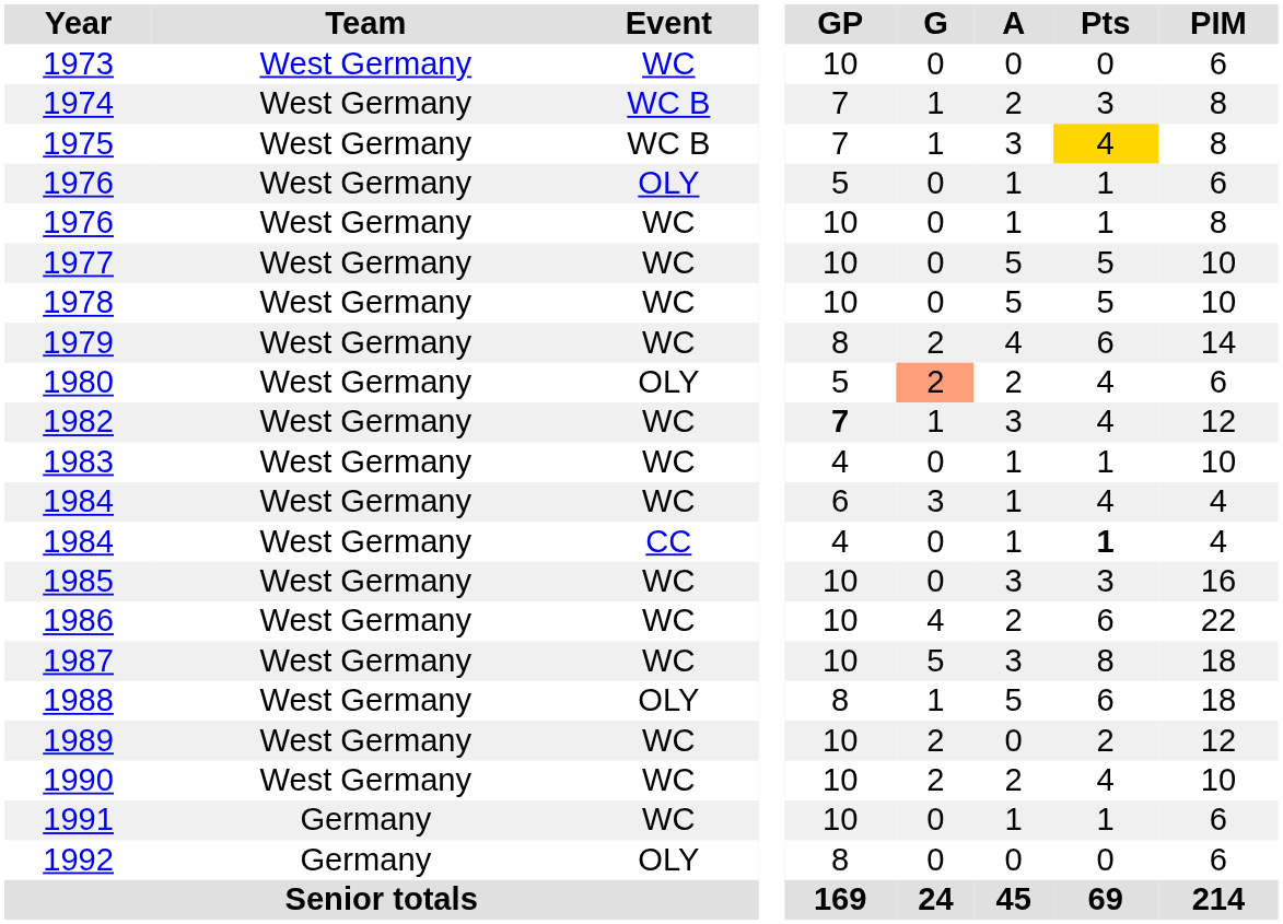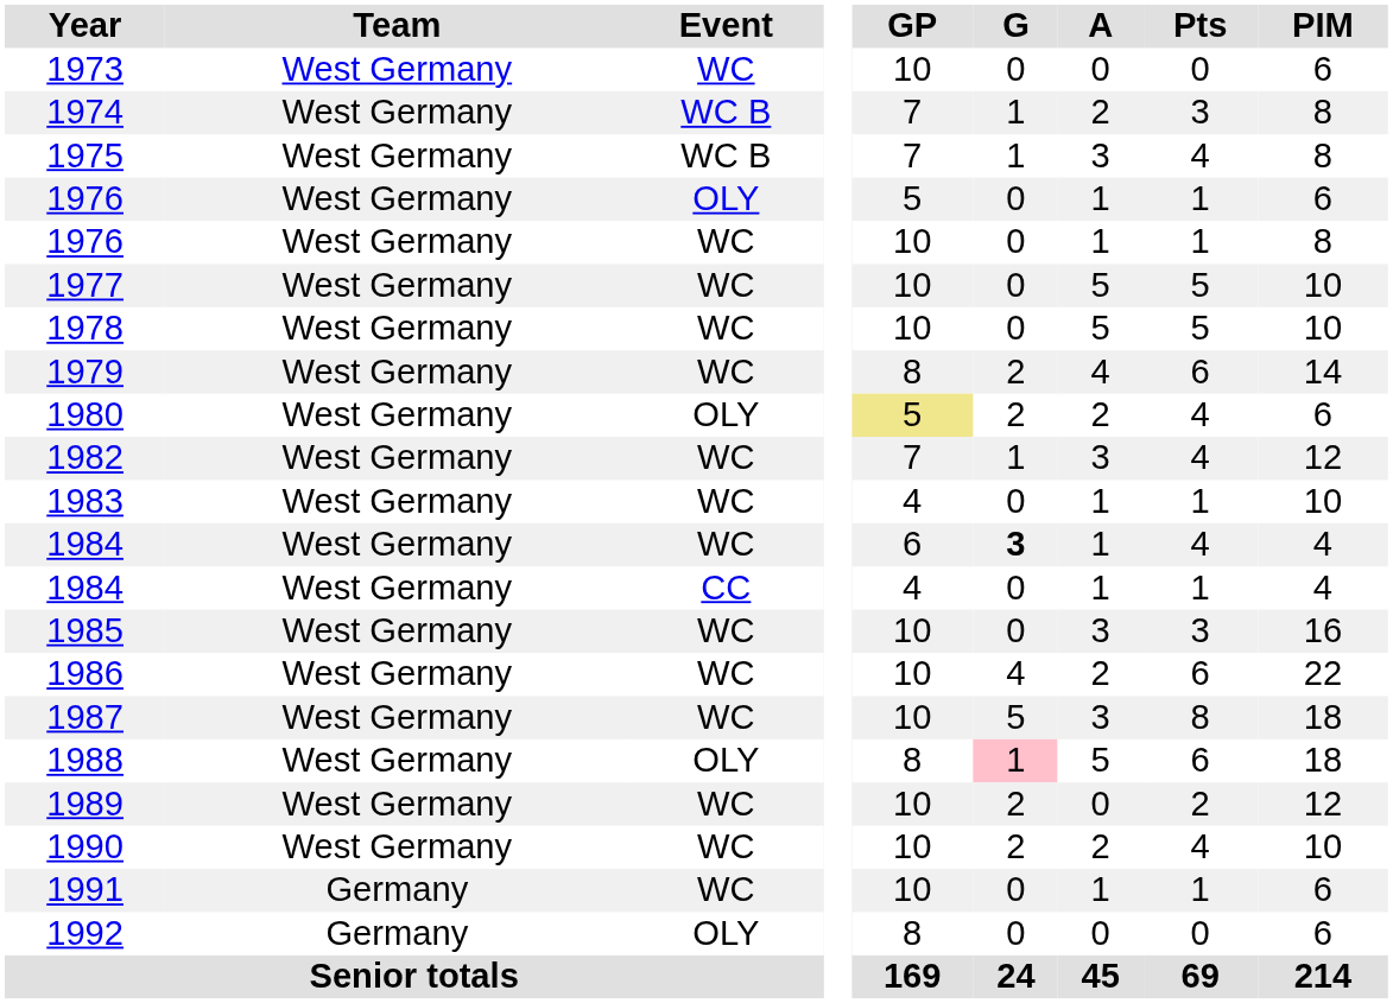 <table border="0" cellpadding="1" cellspacing="0" style="text-align:center; width:40em">
 <tr ALIGN="center" bgcolor="#e0e0e0">
 <th>Year</th>
 <th>Team</th>
 <th>Event</th>
 <th rowspan="99" bgcolor="#ffffff"> </th>
 <th>GP</th>
 <th>G</th>
 <th>A</th>
 <th>Pts</th>
 <th>PIM</th>
 </tr>
 <tr>
 <td><a href='#'>1973</a></td>
 <td><a href='#'>West Germany</a></td>
 <td><a href='#'>WC</a></td>
 <td>10</td>
 <td>0</td>
 <td>0</td>
 <td>0</td>
 <td>6</td>
 </tr>
 <tr bgcolor="#f0f0f0">
 <td><a href='#'>1974</a></td>
 <td>West Germany</td>
 <td><a href='#'>WC B</a></td>
 <td>7</td>
 <td>1</td>
 <td>2</td>
 <td>3</td>
 <td>8</td>
 </tr>
 <tr>
 <td><a href='#'>1975</a></td>
 <td>West Germany</td>
 <td>WC B</td>
 <td>7</td>
 <td>1</td>
 <td>3</td>
-<td style="background: gold;">4</td>
+<td>4</td>
 <td>8</td>
 </tr>
 <tr bgcolor="#f0f0f0">
 <td><a href='#'>1976</a></td>
 <td>West Germany</td>
 <td><a href='#'>OLY</a></td>
 <td>5</td>
 <td>0</td>
 <td>1</td>
 <td>1</td>
 <td>6</td>
 </tr>
 <tr>
 <td><a href='#'>1976</a></td>
 <td>West Germany</td>
 <td>WC</td>
 <td>10</td>
 <td>0</td>
 <td>1</td>
 <td>1</td>
 <td>8</td>
 </tr>
 <tr bgcolor="#f0f0f0">
 <td><a href='#'>1977</a></td>
 <td>West Germany</td>
 <td>WC</td>
 <td>10</td>
 <td>0</td>
 <td>5</td>
 <td>5</td>
 <td>10</td>
 </tr>
 <tr>
 <td><a href='#'>1978</a></td>
 <td>West Germany</td>
 <td>WC</td>
 <td>10</td>
 <td>0</td>
 <td>5</td>
 <td>5</td>
 <td>10</td>
 </tr>
 <tr bgcolor="#f0f0f0">
 <td><a href='#'>1979</a></td>
 <td>West Germany</td>
 <td>WC</td>
 <td>8</td>
 <td>2</td>
 <td>4</td>
 <td>6</td>
 <td>14</td>
 </tr>
 <tr>
 <td><a href='#'>1980</a></td>
 <td>West Germany</td>
 <td>OLY</td>
-<td>5</td>
-<td style="background: lightsalmon;">2</td>
+<td style="background: khaki;">5</td>
+<td>2</td>
 <td>2</td>
 <td>4</td>
 <td>6</td>
 </tr>
 <tr bgcolor="#f0f0f0">
 <td><a href='#'>1982</a></td>
 <td>West Germany</td>
 <td>WC</td>
-<td><strong>7</strong></td>
+<td>7</td>
 <td>1</td>
 <td>3</td>
 <td>4</td>
 <td>12</td>
 </tr>
 <tr>
 <td><a href='#'>1983</a></td>
 <td>West Germany</td>
 <td>WC</td>
 <td>4</td>
 <td>0</td>
 <td>1</td>
 <td>1</td>
 <td>10</td>
 </tr>
 <tr bgcolor="#f0f0f0">
 <td><a href='#'>1984</a></td>
 <td>West Germany</td>
 <td>WC</td>
 <td>6</td>
-<td>3</td>
+<td><strong>3</strong></td>
 <td>1</td>
 <td>4</td>
 <td>4</td>
 </tr>
 <tr>
 <td><a href='#'>1984</a></td>
 <td>West Germany</td>
 <td><a href='#'>CC</a></td>
 <td>4</td>
 <td>0</td>
 <td>1</td>
-<td><strong>1</strong></td>
+<td>1</td>
 <td>4</td>
 </tr>
 <tr bgcolor="#f0f0f0">
 <td><a href='#'>1985</a></td>
 <td>West Germany</td>
 <td>WC</td>
 <td>10</td>
 <td>0</td>
 <td>3</td>
 <td>3</td>
 <td>16</td>
 </tr>
 <tr>
 <td><a href='#'>1986</a></td>
 <td>West Germany</td>
 <td>WC</td>
 <td>10</td>
 <td>4</td>
 <td>2</td>
 <td>6</td>
 <td>22</td>
 </tr>
 <tr bgcolor="#f0f0f0">
 <td><a href='#'>1987</a></td>
 <td>West Germany</td>
 <td>WC</td>
 <td>10</td>
 <td>5</td>
 <td>3</td>
 <td>8</td>
 <td>18</td>
 </tr>
 <tr>
 <td><a href='#'>1988</a></td>
 <td>West Germany</td>
 <td>OLY</td>
 <td>8</td>
-<td>1</td>
+<td style="background: pink;">1</td>
 <td>5</td>
 <td>6</td>
 <td>18</td>
 </tr>
 <tr bgcolor="#f0f0f0">
 <td><a href='#'>1989</a></td>
 <td>West Germany</td>
 <td>WC</td>
 <td>10</td>
 <td>2</td>
 <td>0</td>
 <td>2</td>
 <td>12</td>
 </tr>
 <tr>
 <td><a href='#'>1990</a></td>
 <td>West Germany</td>
 <td>WC</td>
 <td>10</td>
 <td>2</td>
 <td>2</td>
 <td>4</td>
 <td>10</td>
 </tr>
 <tr bgcolor="#f0f0f0">
 <td><a href='#'>1991</a></td>
 <td>Germany</td>
 <td>WC</td>
 <td>10</td>
 <td>0</td>
 <td>1</td>
 <td>1</td>
 <td>6</td>
 </tr>
 <tr>
 <td><a href='#'>1992</a></td>
 <td>Germany</td>
 <td>OLY</td>
 <td>8</td>
 <td>0</td>
 <td>0</td>
 <td>0</td>
 <td>6</td>
 </tr>
 <tr bgcolor="#e0e0e0">
 <th colspan=3>Senior totals</th>
 <th>169</th>
 <th>24</th>
 <th>45</th>
 <th>69</th>
 <th>214</th>
 </tr>
 </table>
